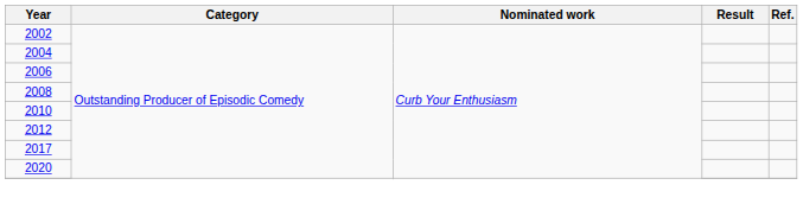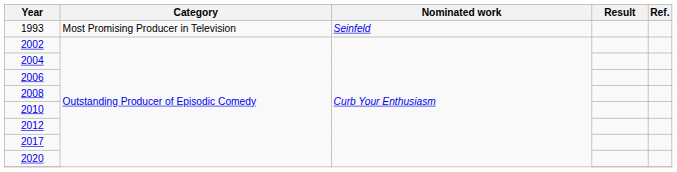 <table class=wikitable>
 <tr>
 <th scope="col" style="width:5em;">Year</th>
 <th scope="col" style="width:26em;">Category</th>
 <th scope="col" style="width:25em;">Nominated work</th>
 <th scope="col" style="width:5em;">Result</th>
 <th>Ref.</th>
+</tr>
+<tr>
+<td style="text-align:center;">1993</td>
+<td>Most Promising Producer in Television</td>
+<td><em><a href='#'>Seinfeld</a></em></td>
+<td></td>
+<td></td>
 </tr>
 <tr>
 <td style="text-align:center;"><a href='#'>2002</a></td>
 <td rowspan=10><a href='#'>Outstanding Producer of Episodic Comedy</a></td>
 <td rowspan=10><em><a href='#'>Curb Your Enthusiasm</a></em></td>
 <td></td>
 <td></td>
 </tr>
 <tr>
 <td style="text-align:center;"><a href='#'>2004</a></td>
 <td></td>
 <td></td>
 </tr>
 <tr>
 <td style="text-align:center;"><a href='#'>2006</a></td>
 <td></td>
 <td></td>
 </tr>
 <tr>
 <td style="text-align:center;"><a href='#'>2008</a></td>
 <td></td>
 <td></td>
 </tr>
 <tr>
 <td style="text-align:center;"><a href='#'>2010</a></td>
 <td></td>
 <td></td>
 </tr>
 <tr>
 <td style="text-align:center;"><a href='#'>2012</a></td>
 <td></td>
 <td></td>
 </tr>
 <tr>
 <td style="text-align:center;"><a href='#'>2017</a></td>
 <td></td>
 <td></td>
 </tr>
 <tr>
 <td style="text-align:center;"><a href='#'>2020</a></td>
 <td></td>
 <td></td>
 </tr>
 <tr>
 </tr>
 </table>
